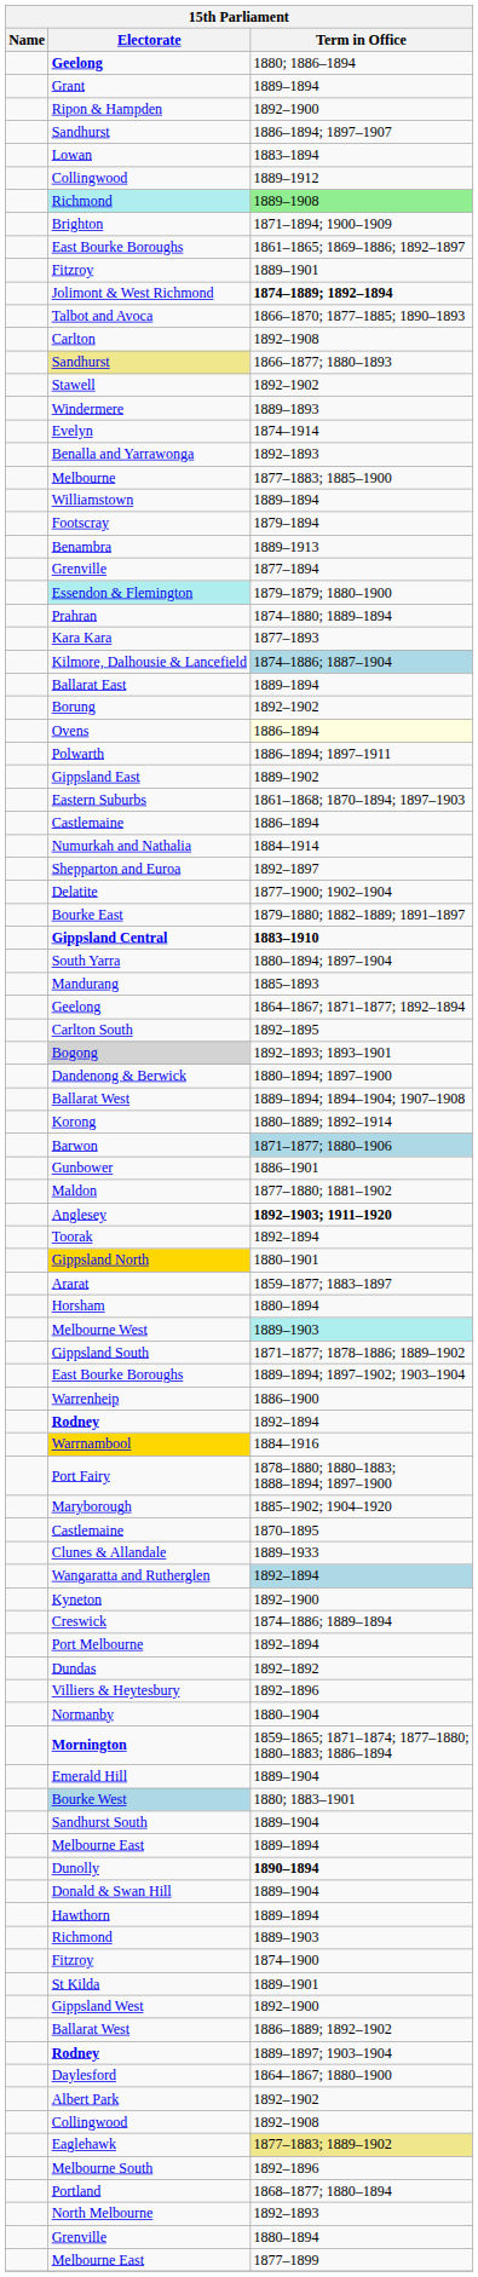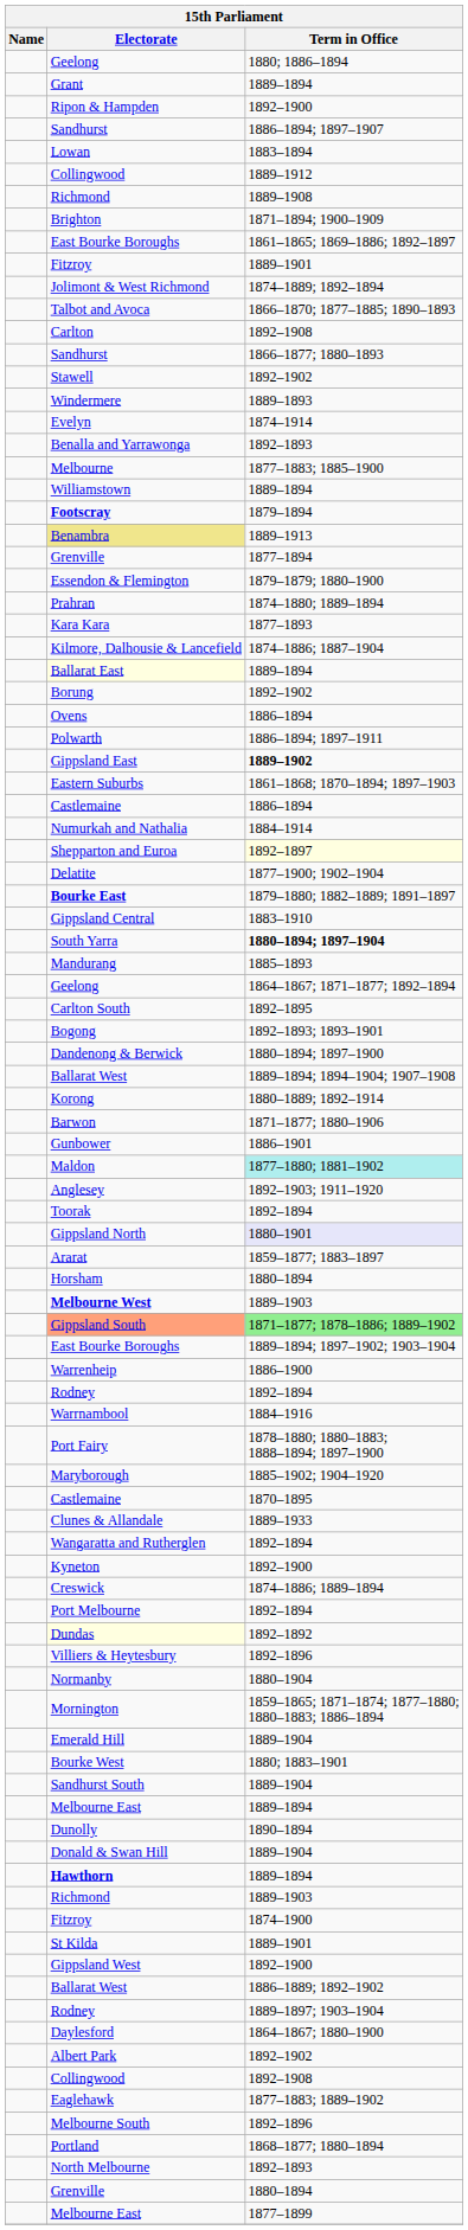 <table class="wikitable sortable">
 <tr>
 <th colspan= 4>15th Parliament</th>
 </tr>
 <tr>
 <th>Name</th>
 <th><a href='#'>Electorate</a></th>
 <th>Term in Office</th>
 </tr>
 <tr>
 <td></td>
-<td><strong><a href='#'>Geelong</a></strong></td>
+<td><a href='#'>Geelong</a></td>
 <td>1880; 1886–1894</td>
 </tr>
 <tr>
 <td></td>
 <td><a href='#'>Grant</a></td>
 <td>1889–1894</td>
 </tr>
 <tr>
 <td></td>
 <td><a href='#'>Ripon & Hampden</a></td>
 <td>1892–1900</td>
 </tr>
 <tr>
 <td></td>
 <td><a href='#'>Sandhurst</a></td>
 <td>1886–1894; 1897–1907</td>
 </tr>
 <tr>
 <td></td>
 <td><a href='#'>Lowan</a></td>
 <td>1883–1894</td>
 </tr>
 <tr>
 <td></td>
 <td><a href='#'>Collingwood</a></td>
 <td>1889–1912</td>
 </tr>
 <tr>
 <td></td>
-<td style="background: paleturquoise;"><a href='#'>Richmond</a></td>
-<td style="background: lightgreen;">1889–1908</td>
+<td><a href='#'>Richmond</a></td>
+<td>1889–1908</td>
 </tr>
 <tr>
 <td></td>
 <td><a href='#'>Brighton</a></td>
 <td>1871–1894; 1900–1909</td>
 </tr>
 <tr>
 <td></td>
 <td><a href='#'>East Bourke Boroughs</a></td>
 <td>1861–1865; 1869–1886; 1892–1897</td>
 </tr>
 <tr>
 <td></td>
 <td><a href='#'>Fitzroy</a></td>
 <td>1889–1901</td>
 </tr>
 <tr>
 <td></td>
 <td><a href='#'>Jolimont & West Richmond</a></td>
-<td><strong>1874–1889; 1892–1894</strong></td>
+<td>1874–1889; 1892–1894</td>
 </tr>
 <tr>
 <td> </td>
 <td><a href='#'>Talbot and Avoca</a></td>
 <td>1866–1870; 1877–1885; 1890–1893</td>
 </tr>
 <tr>
 <td></td>
 <td><a href='#'>Carlton</a></td>
 <td>1892–1908</td>
 </tr>
 <tr>
 <td> </td>
-<td style="background: khaki;"><a href='#'>Sandhurst</a></td>
+<td><a href='#'>Sandhurst</a></td>
 <td>1866–1877; 1880–1893</td>
 </tr>
 <tr>
 <td></td>
 <td><a href='#'>Stawell</a></td>
 <td>1892–1902</td>
 </tr>
 <tr>
 <td> </td>
 <td><a href='#'>Windermere</a></td>
 <td>1889–1893</td>
 </tr>
 <tr>
 <td></td>
 <td><a href='#'>Evelyn</a></td>
 <td>1874–1914</td>
 </tr>
 <tr>
 <td> </td>
 <td><a href='#'>Benalla and Yarrawonga</a></td>
 <td>1892–1893</td>
 </tr>
 <tr>
 <td></td>
 <td><a href='#'>Melbourne</a></td>
 <td>1877–1883; 1885–1900</td>
 </tr>
 <tr>
 <td></td>
 <td><a href='#'>Williamstown</a></td>
 <td>1889–1894</td>
 </tr>
 <tr>
 <td></td>
-<td><a href='#'>Footscray</a></td>
+<td><strong><a href='#'>Footscray</a></strong></td>
 <td>1879–1894</td>
 </tr>
 <tr>
 <td></td>
-<td><a href='#'>Benambra</a></td>
+<td style="background: khaki;"><a href='#'>Benambra</a></td>
 <td>1889–1913</td>
 </tr>
 <tr>
 <td></td>
 <td><a href='#'>Grenville</a></td>
 <td>1877–1894</td>
 </tr>
 <tr>
 <td></td>
-<td style="background: paleturquoise;"><a href='#'>Essendon & Flemington</a></td>
+<td><a href='#'>Essendon & Flemington</a></td>
 <td>1879–1879; 1880–1900</td>
 </tr>
 <tr>
 <td></td>
 <td><a href='#'>Prahran</a></td>
 <td>1874–1880; 1889–1894</td>
 </tr>
 <tr>
 <td> </td>
 <td><a href='#'>Kara Kara</a></td>
 <td>1877–1893</td>
 </tr>
 <tr>
 <td></td>
 <td><a href='#'>Kilmore, Dalhousie & Lancefield</a></td>
-<td style="background: lightblue;">1874–1886; 1887–1904</td>
+<td>1874–1886; 1887–1904</td>
 </tr>
 <tr>
 <td></td>
-<td><a href='#'>Ballarat East</a></td>
+<td style="background: lightyellow;"><a href='#'>Ballarat East</a></td>
 <td>1889–1894</td>
 </tr>
 <tr>
 <td></td>
 <td><a href='#'>Borung</a></td>
 <td>1892–1902</td>
 </tr>
 <tr>
 <td></td>
 <td><a href='#'>Ovens</a></td>
-<td style="background: lightyellow;">1886–1894</td>
+<td>1886–1894</td>
 </tr>
 <tr>
 <td></td>
 <td><a href='#'>Polwarth</a></td>
 <td>1886–1894; 1897–1911</td>
 </tr>
 <tr>
 <td></td>
 <td><a href='#'>Gippsland East</a></td>
-<td>1889–1902</td>
+<td><strong>1889–1902</strong></td>
 </tr>
 <tr>
 <td></td>
 <td><a href='#'>Eastern Suburbs</a></td>
 <td>1861–1868; 1870–1894; 1897–1903</td>
 </tr>
 <tr>
 <td></td>
 <td><a href='#'>Castlemaine</a></td>
 <td>1886–1894</td>
 </tr>
 <tr>
 <td></td>
 <td><a href='#'>Numurkah and Nathalia</a></td>
 <td>1884–1914</td>
 </tr>
 <tr>
 <td></td>
 <td><a href='#'>Shepparton and Euroa</a></td>
-<td>1892–1897</td>
+<td style="background: lightyellow;">1892–1897</td>
 </tr>
 <tr>
 <td></td>
 <td><a href='#'>Delatite</a></td>
 <td>1877–1900; 1902–1904</td>
 </tr>
 <tr>
 <td></td>
-<td><a href='#'>Bourke East</a></td>
+<td><strong><a href='#'>Bourke East</a></strong></td>
 <td>1879–1880; 1882–1889; 1891–1897</td>
 </tr>
 <tr>
 <td></td>
-<td><strong><a href='#'>Gippsland Central</a></strong></td>
-<td><strong>1883–1910</strong></td>
+<td><a href='#'>Gippsland Central</a></td>
+<td>1883–1910</td>
 </tr>
 <tr>
 <td></td>
 <td><a href='#'>South Yarra</a></td>
-<td>1880–1894; 1897–1904</td>
+<td><strong>1880–1894; 1897–1904</strong></td>
 </tr>
 <tr>
 <td> </td>
 <td><a href='#'>Mandurang</a></td>
 <td>1885–1893</td>
 </tr>
 <tr>
 <td></td>
 <td><a href='#'>Geelong</a></td>
 <td>1864–1867; 1871–1877; 1892–1894</td>
 </tr>
 <tr>
 <td></td>
 <td><a href='#'>Carlton South</a></td>
 <td>1892–1895</td>
 </tr>
 <tr>
 <td></td>
-<td style="background: lightgrey;"><a href='#'>Bogong</a></td>
+<td><a href='#'>Bogong</a></td>
 <td>1892–1893; 1893–1901</td>
 </tr>
 <tr>
 <td></td>
 <td><a href='#'>Dandenong & Berwick</a></td>
 <td>1880–1894; 1897–1900</td>
 </tr>
 <tr>
 <td></td>
 <td><a href='#'>Ballarat West</a></td>
 <td>1889–1894; 1894–1904; 1907–1908</td>
 </tr>
 <tr>
 <td></td>
 <td><a href='#'>Korong</a></td>
 <td>1880–1889; 1892–1914</td>
 </tr>
 <tr>
 <td></td>
 <td><a href='#'>Barwon</a></td>
-<td style="background: lightblue;">1871–1877; 1880–1906</td>
+<td>1871–1877; 1880–1906</td>
 </tr>
 <tr>
 <td></td>
 <td><a href='#'>Gunbower</a></td>
 <td>1886–1901</td>
 </tr>
 <tr>
 <td></td>
 <td><a href='#'>Maldon</a></td>
-<td>1877–1880; 1881–1902</td>
+<td style="background: paleturquoise;">1877–1880; 1881–1902</td>
 </tr>
 <tr>
 <td></td>
 <td><a href='#'>Anglesey</a></td>
-<td><strong>1892–1903; 1911–1920</strong></td>
+<td>1892–1903; 1911–1920</td>
 </tr>
 <tr>
 <td></td>
 <td><a href='#'>Toorak</a></td>
 <td>1892–1894</td>
 </tr>
 <tr>
 <td></td>
-<td style="background: gold;"><a href='#'>Gippsland North</a></td>
-<td>1880–1901</td>
+<td><a href='#'>Gippsland North</a></td>
+<td style="background: lavender;">1880–1901</td>
 </tr>
 <tr>
 <td></td>
 <td><a href='#'>Ararat</a></td>
 <td>1859–1877; 1883–1897</td>
 </tr>
 <tr>
 <td></td>
 <td><a href='#'>Horsham</a></td>
 <td>1880–1894</td>
 </tr>
 <tr>
 <td></td>
-<td><a href='#'>Melbourne West</a></td>
-<td style="background: paleturquoise;">1889–1903</td>
+<td><strong><a href='#'>Melbourne West</a></strong></td>
+<td>1889–1903</td>
 </tr>
 <tr>
 <td></td>
-<td><a href='#'>Gippsland South</a></td>
-<td>1871–1877; 1878–1886; 1889–1902</td>
+<td style="background: lightsalmon;"><a href='#'>Gippsland South</a></td>
+<td style="background: lightgreen;">1871–1877; 1878–1886; 1889–1902</td>
 </tr>
 <tr>
 <td></td>
 <td><a href='#'>East Bourke Boroughs</a></td>
 <td>1889–1894; 1897–1902; 1903–1904</td>
 </tr>
 <tr>
 <td></td>
 <td><a href='#'>Warrenheip</a></td>
 <td>1886–1900</td>
 </tr>
 <tr>
 <td></td>
-<td><strong><a href='#'>Rodney</a></strong></td>
+<td><a href='#'>Rodney</a></td>
 <td>1892–1894</td>
 </tr>
 <tr>
 <td></td>
-<td style="background: gold;"><a href='#'>Warrnambool</a></td>
+<td><a href='#'>Warrnambool</a></td>
 <td>1884–1916</td>
 </tr>
 <tr>
 <td></td>
 <td><a href='#'>Port Fairy</a></td>
 <td>1878–1880; 1880–1883;<br>1888–1894; 1897–1900</td>
 </tr>
 <tr>
 <td></td>
 <td><a href='#'>Maryborough</a></td>
 <td>1885–1902; 1904–1920</td>
 </tr>
 <tr>
 <td></td>
 <td><a href='#'>Castlemaine</a></td>
 <td>1870–1895</td>
 </tr>
 <tr>
 <td></td>
 <td><a href='#'>Clunes & Allandale</a></td>
 <td>1889–1933</td>
 </tr>
 <tr>
 <td></td>
 <td><a href='#'>Wangaratta and Rutherglen</a></td>
-<td style="background: lightblue;">1892–1894</td>
+<td>1892–1894</td>
 </tr>
 <tr>
 <td></td>
 <td><a href='#'>Kyneton</a></td>
 <td>1892–1900</td>
 </tr>
 <tr>
 <td></td>
 <td><a href='#'>Creswick</a></td>
 <td>1874–1886; 1889–1894</td>
 </tr>
 <tr>
 <td></td>
 <td><a href='#'>Port Melbourne</a></td>
 <td>1892–1894</td>
 </tr>
 <tr>
 <td> </td>
-<td><a href='#'>Dundas</a></td>
+<td style="background: lightyellow;"><a href='#'>Dundas</a></td>
 <td>1892–1892</td>
 </tr>
 <tr>
 <td></td>
 <td><a href='#'>Villiers & Heytesbury</a></td>
 <td>1892–1896</td>
 </tr>
 <tr>
 <td></td>
 <td><a href='#'>Normanby</a></td>
 <td>1880–1904</td>
 </tr>
 <tr>
 <td></td>
-<td><strong><a href='#'>Mornington</a></strong></td>
+<td><a href='#'>Mornington</a></td>
 <td>1859–1865; 1871–1874; 1877–1880;<br>1880–1883; 1886–1894</td>
 </tr>
 <tr>
 <td></td>
 <td><a href='#'>Emerald Hill</a></td>
 <td>1889–1904</td>
 </tr>
 <tr>
 <td></td>
-<td style="background: lightblue;"><a href='#'>Bourke West</a></td>
+<td><a href='#'>Bourke West</a></td>
 <td>1880; 1883–1901</td>
 </tr>
 <tr>
 <td></td>
 <td><a href='#'>Sandhurst South</a></td>
 <td>1889–1904</td>
 </tr>
 <tr>
 <td></td>
 <td><a href='#'>Melbourne East</a></td>
 <td>1889–1894</td>
 </tr>
 <tr>
 <td></td>
 <td><a href='#'>Dunolly</a></td>
-<td><strong>1890–1894</strong></td>
+<td>1890–1894</td>
 </tr>
 <tr>
 <td></td>
 <td><a href='#'>Donald & Swan Hill</a></td>
 <td>1889–1904</td>
 </tr>
 <tr>
 <td></td>
-<td><a href='#'>Hawthorn</a></td>
+<td><strong><a href='#'>Hawthorn</a></strong></td>
 <td>1889–1894</td>
 </tr>
 <tr>
 <td></td>
 <td><a href='#'>Richmond</a></td>
 <td>1889–1903</td>
 </tr>
 <tr>
 <td></td>
 <td><a href='#'>Fitzroy</a></td>
 <td>1874–1900</td>
 </tr>
 <tr>
 <td></td>
 <td><a href='#'>St Kilda</a></td>
 <td>1889–1901</td>
 </tr>
 <tr>
 <td></td>
 <td><a href='#'>Gippsland West</a></td>
 <td>1892–1900</td>
 </tr>
 <tr>
 <td></td>
 <td><a href='#'>Ballarat West</a></td>
 <td>1886–1889; 1892–1902</td>
 </tr>
 <tr>
 <td></td>
-<td><strong><a href='#'>Rodney</a></strong></td>
+<td><a href='#'>Rodney</a></td>
 <td>1889–1897; 1903–1904</td>
 </tr>
 <tr>
 <td></td>
 <td><a href='#'>Daylesford</a></td>
 <td>1864–1867; 1880–1900</td>
 </tr>
 <tr>
 <td></td>
 <td><a href='#'>Albert Park</a></td>
 <td>1892–1902</td>
 </tr>
 <tr>
 <td></td>
 <td><a href='#'>Collingwood</a></td>
 <td>1892–1908</td>
 </tr>
 <tr>
 <td></td>
 <td><a href='#'>Eaglehawk</a></td>
-<td style="background: khaki;">1877–1883; 1889–1902</td>
+<td>1877–1883; 1889–1902</td>
 </tr>
 <tr>
 <td></td>
 <td><a href='#'>Melbourne South</a></td>
 <td>1892–1896</td>
 </tr>
 <tr>
 <td></td>
 <td><a href='#'>Portland</a></td>
 <td>1868–1877; 1880–1894</td>
 </tr>
 <tr>
 <td> </td>
 <td><a href='#'>North Melbourne</a></td>
 <td>1892–1893</td>
 </tr>
 <tr>
 <td></td>
 <td><a href='#'>Grenville</a></td>
 <td>1880–1894</td>
 </tr>
 <tr>
 <td></td>
 <td><a href='#'>Melbourne East</a></td>
 <td>1877–1899</td>
 </tr>
 <tr>
 </tr>
 </table>
